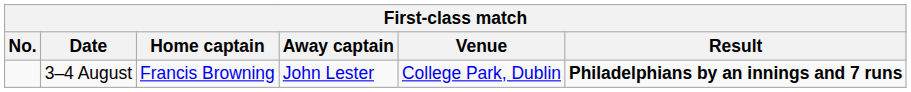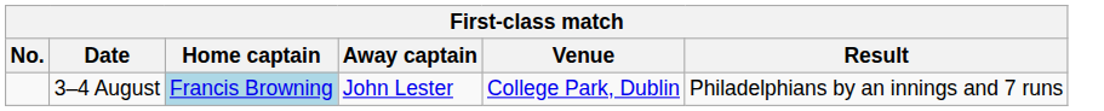 <table class="wikitable">
 <tr>
 <th colspan="9">First-class match</th>
 </tr>
 <tr>
 <th>No.</th>
 <th>Date</th>
 <th>Home captain</th>
 <th>Away captain</th>
 <th>Venue</th>
 <th>Result</th>
 </tr>
 <tr>
 <td></td>
 <td>3–4 August</td>
-<td><a href='#'>Francis Browning</a></td>
+<td style="background: lightblue;"><a href='#'>Francis Browning</a></td>
 <td><a href='#'>John Lester</a></td>
 <td><a href='#'>College Park, Dublin</a></td>
-<td><strong> Philadelphians by an innings and 7 runs</strong></td>
+<td> Philadelphians by an innings and 7 runs</td>
 </tr>
 </table>
